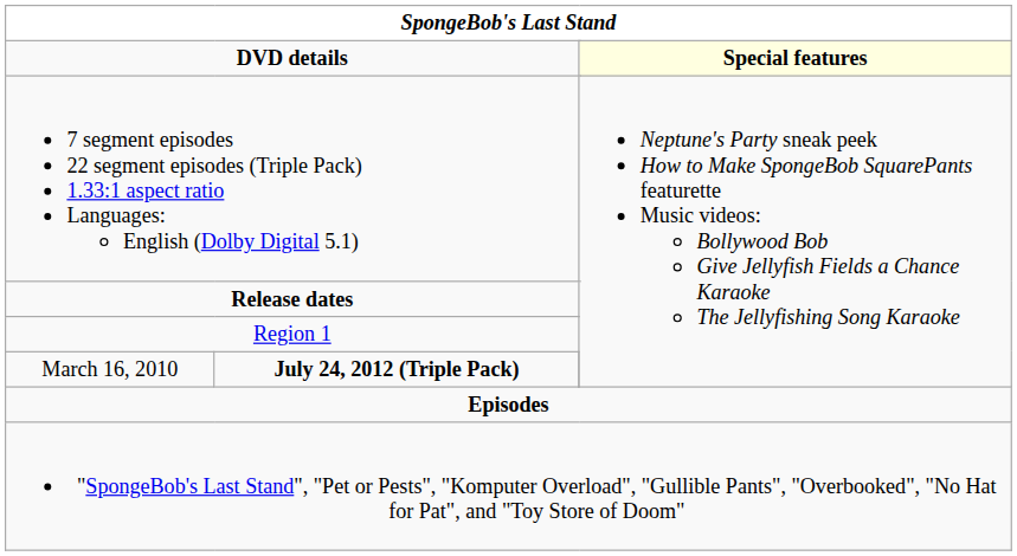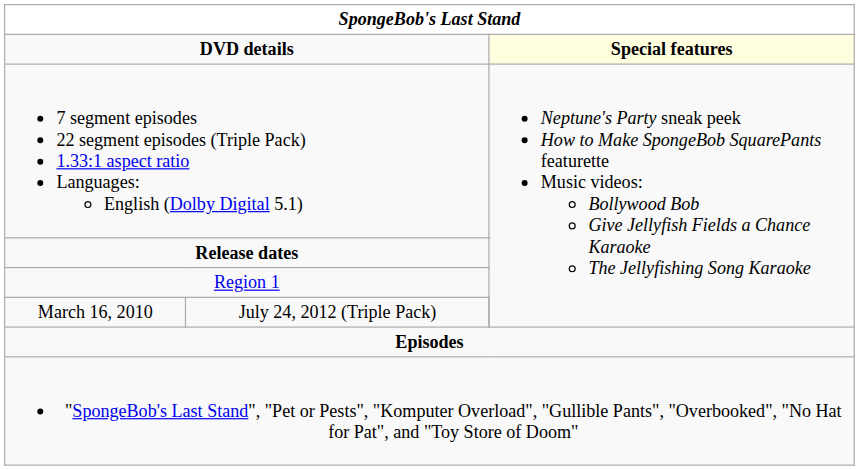 <table class="wikitable" style="font-size: 95%;">
 <tr style="background:#FFF; color:#000;">
 <td colspan="4" align="center"><strong><em>SpongeBob's Last Stand</em></strong></td>
 </tr>
 <tr valign="top">
 <td style="text-align:center; width:400px;" colspan="3"><strong>DVD details</strong></td>
 <td style="background: lightyellow; width:300px; text-align:center;"><strong>Special features</strong></td>
 </tr>
 <tr valign="top">
 <td colspan="3" style="text-align:left; width:400px;"><br><ul><li>7 segment episodes</li><li>22 segment episodes (Triple Pack)</li><li><a href='#'>1.33:1 aspect ratio</a></li><li>Languages:<ul><li>English (<a href='#'>Dolby Digital</a> 5.1)</li></ul></li></ul></td>
 <td rowspan="4" style="text-align:left; width:300px;"><br><ul><li><em>Neptune's Party</em> sneak peek</li><li><em>How to Make SpongeBob SquarePants</em> featurette</li><li>Music videos:<ul><li><em>Bollywood Bob</em></li><li><em>Give Jellyfish Fields a Chance Karaoke</em></li><li><em>The Jellyfishing Song Karaoke</em></li></ul></li></ul></td>
 </tr>
 <tr>
 <td colspan="3" style="text-align:center;"><strong>Release dates</strong></td>
 </tr>
 <tr>
 <td colspan="3" style="text-align:center;"><a href='#'>Region 1</a></td>
 </tr>
 <tr style="text-align:center;">
 <td>March 16, 2010</td>
-<td><strong>July 24, 2012 (Triple Pack)</strong></td>
+<td>July 24, 2012 (Triple Pack)</td>
 </tr>
 <tr>
 <td style="text-align:center; width:400px;" colspan="4"><strong>Episodes</strong></td>
 </tr>
 <tr>
 <td style="text-align:center; width:400px;" colspan="4"><br><ul><li>"<a href='#'>SpongeBob's Last Stand</a>", "Pet or Pests", "Komputer Overload", "Gullible Pants", "Overbooked", "No Hat for Pat", and "Toy Store of Doom"</li></ul></td>
 </tr>
 </table>
